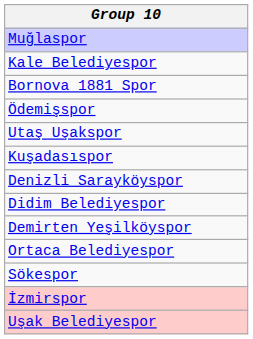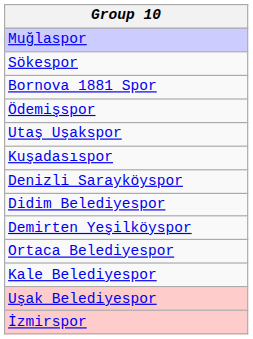 <table class="wikitable collapsible collapsed" style="font-size:95%;">
 <tr>
 <th colspan="1" width="200"><em>Group 10</em></th>
 </tr>
 <tr>
 <td style="background:#ccccff;"><a href='#'>Muğlaspor</a></td>
 </tr>
 <tr>
-<td><a href='#'>Kale Belediyespor</a></td>
+<td><a href='#'>Sökespor</a></td>
 </tr>
 <tr>
 <td><a href='#'>Bornova 1881 Spor</a></td>
 </tr>
 <tr>
 <td><a href='#'>Ödemişspor</a></td>
 </tr>
 <tr>
 <td><a href='#'>Utaş Uşakspor</a></td>
 </tr>
 <tr>
 <td><a href='#'>Kuşadasıspor</a></td>
 </tr>
 <tr>
 <td><a href='#'>Denizli Sarayköyspor</a></td>
 </tr>
 <tr>
 <td><a href='#'>Didim Belediyespor</a></td>
 </tr>
 <tr>
 <td><a href='#'>Demirten Yeşilköyspor</a></td>
 </tr>
 <tr>
 <td><a href='#'>Ortaca Belediyespor</a></td>
 </tr>
 <tr>
-<td><a href='#'>Sökespor</a></td>
+<td><a href='#'>Kale Belediyespor</a></td>
+</tr>
+<tr>
+<td style="background:#fcc;"><a href='#'>Uşak Belediyespor</a></td>
 </tr>
 <tr>
 <td style="background:#fcc;"><a href='#'>İzmirspor</a></td>
 </tr>
-<tr>
-<td style="background:#fcc;"><a href='#'>Uşak Belediyespor</a></td>
-</tr>
 </table>
